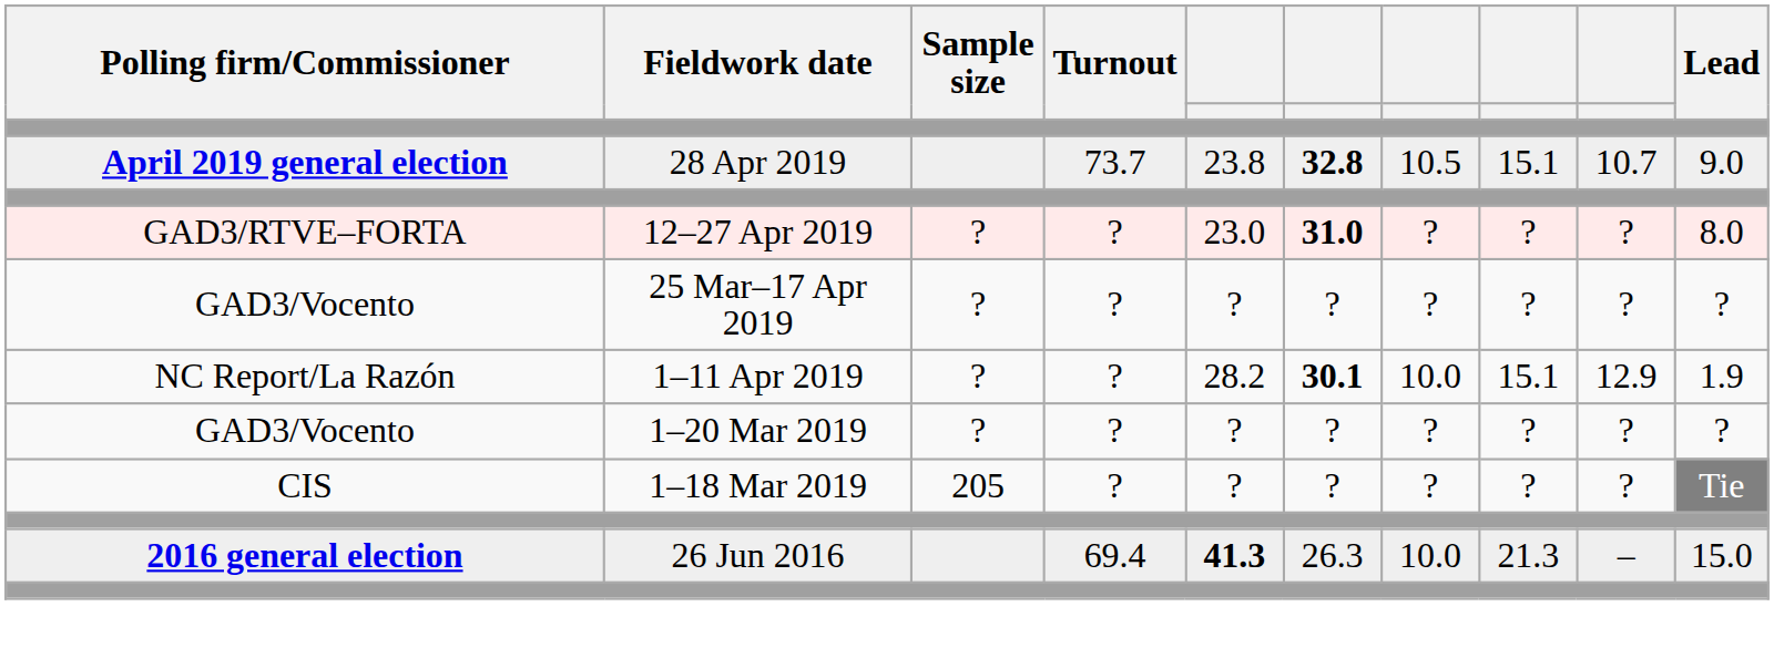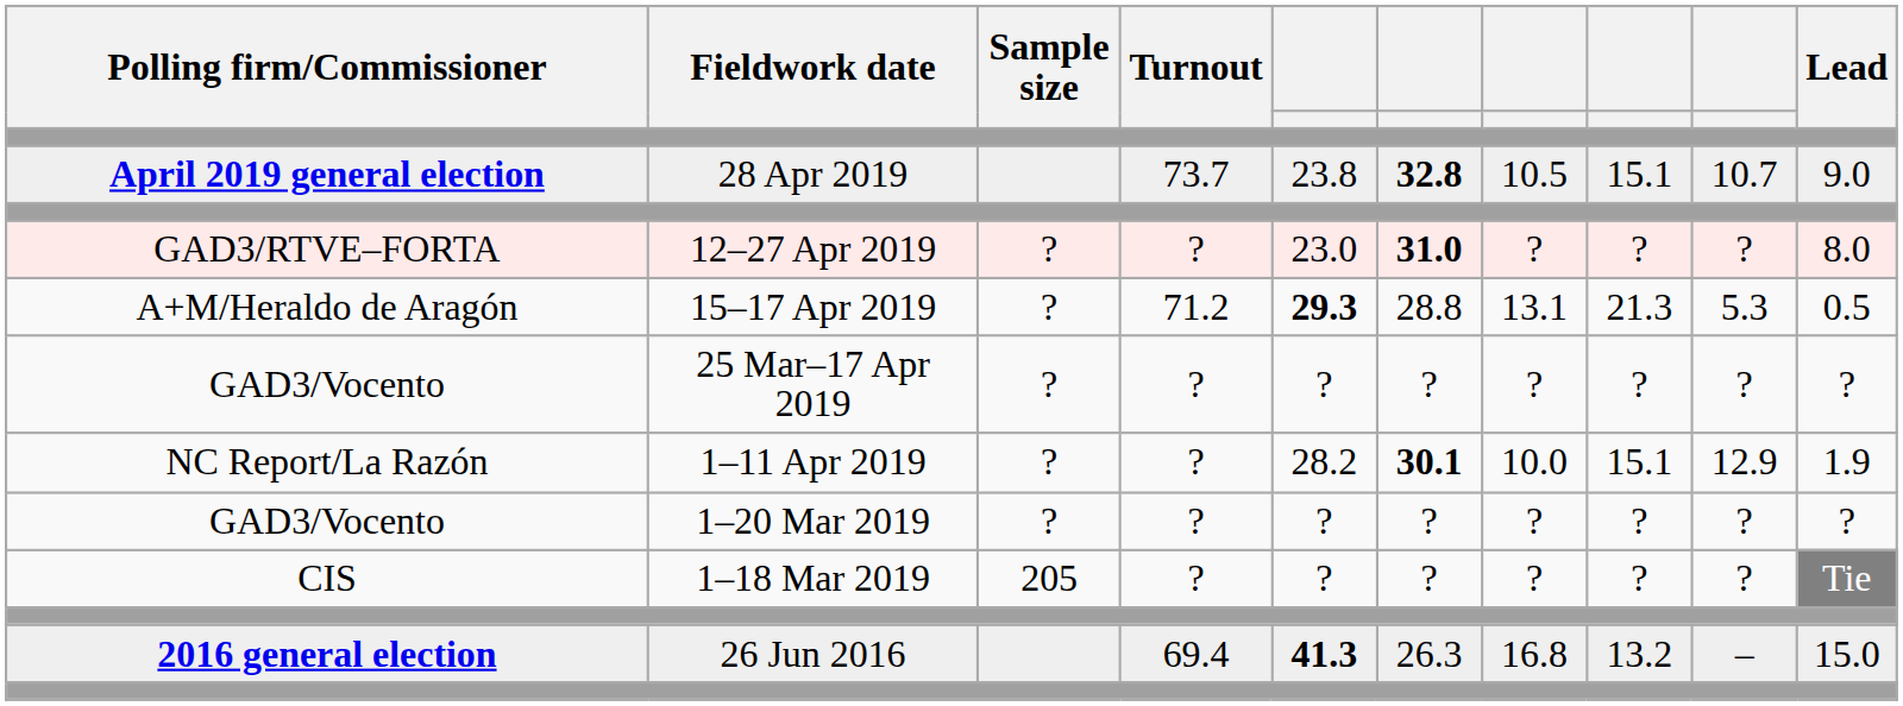 <table class="wikitable collapsible collapsed" style="text-align:center; font-size:95%; line-height:16px;">
 <tr style="height:42px;">
 <th style="width:250px;" rowspan="2">Polling firm/Commissioner</th>
 <th style="width:125px;" rowspan="2">Fieldwork date</th>
 <th style="width:50px;" rowspan="2">Sample size</th>
 <th style="width:45px;" rowspan="2">Turnout</th>
 <th style="width:35px;"></th>
 <th style="width:35px;"></th>
 <th style="width:35px;"></th>
 <th style="width:35px;"></th>
 <th style="width:35px;"></th>
 <th style="width:30px;" rowspan="2">Lead</th>
 </tr>
 <tr>
 <th style="color:inherit;background:"></th>
 <th style="color:inherit;background:"></th>
 <th style="color:inherit;background:"></th>
 <th style="color:inherit;background:"></th>
 <th style="color:inherit;background:"></th>
 </tr>
 <tr>
 <td colspan="10" style="background:#A0A0A0"></td>
 </tr>
 <tr style="background:#EFEFEF;">
 <td><strong><a href='#'>April 2019 general election</a></strong></td>
 <td>28 Apr 2019</td>
 <td></td>
 <td>73.7</td>
 <td>23.8<br></td>
 <td><strong>32.8</strong><br></td>
 <td>10.5<br></td>
 <td>15.1<br></td>
 <td>10.7<br></td>
 <td style="background:">9.0</td>
 </tr>
 <tr>
 <td colspan="10" style="background:#A0A0A0"></td>
 </tr>
 <tr style="background:#FFEAEA;">
 <td>GAD3/RTVE–FORTA</td>
 <td>12–27 Apr 2019</td>
 <td>?</td>
 <td>?</td>
 <td>23.0<br></td>
 <td><strong>31.0</strong><br></td>
 <td>?<br></td>
 <td>?<br></td>
 <td>?<br></td>
 <td style="background:">8.0</td>
+</tr>
+<tr>
+<td>A+M/Heraldo de Aragón</td>
+<td>15–17 Apr 2019</td>
+<td>?</td>
+<td>71.2</td>
+<td><strong>29.3</strong><br></td>
+<td>28.8<br></td>
+<td>13.1<br></td>
+<td>21.3<br></td>
+<td>5.3<br></td>
+<td style="background:">0.5</td>
 </tr>
 <tr>
 <td>GAD3/Vocento</td>
 <td>25 Mar–17 Apr 2019</td>
 <td>?</td>
 <td>?</td>
 <td>?<br></td>
 <td>?<br></td>
 <td>?<br></td>
 <td>?<br></td>
 <td>?<br></td>
 <td style="background:">?</td>
 </tr>
 <tr>
 <td>NC Report/La Razón</td>
 <td>1–11 Apr 2019</td>
 <td>?</td>
 <td>?</td>
 <td>28.2<br></td>
 <td><strong>30.1</strong><br></td>
 <td>10.0<br></td>
 <td>15.1<br></td>
 <td>12.9<br></td>
 <td style="background:">1.9</td>
 </tr>
 <tr>
 <td>GAD3/Vocento</td>
 <td>1–20 Mar 2019</td>
 <td>?</td>
 <td>?</td>
 <td>?<br></td>
 <td>?<br></td>
 <td>?<br></td>
 <td>?<br></td>
 <td>?<br></td>
 <td style="background:">?</td>
 </tr>
 <tr>
 <td>CIS</td>
 <td>1–18 Mar 2019</td>
 <td>205</td>
 <td>?</td>
 <td>?<br></td>
 <td>?<br></td>
 <td>?<br></td>
 <td>?<br></td>
 <td>?<br></td>
 <td style="background:gray;color:white;">Tie</td>
 </tr>
 <tr>
 <td colspan="10" style="background:#A0A0A0"></td>
 </tr>
 <tr style="background:#EFEFEF;">
 <td><strong><a href='#'>2016 general election</a></strong></td>
 <td>26 Jun 2016</td>
 <td></td>
 <td>69.4</td>
 <td><strong>41.3</strong><br></td>
 <td>26.3<br></td>
-<td>10.0<br></td>
-<td>21.3<br></td>
+<td>16.8<br></td>
+<td>13.2<br></td>
 <td>–</td>
 <td style="background:">15.0</td>
 </tr>
 <tr>
 <td colspan="10" style="background:#A0A0A0"></td>
 </tr>
 </table>
